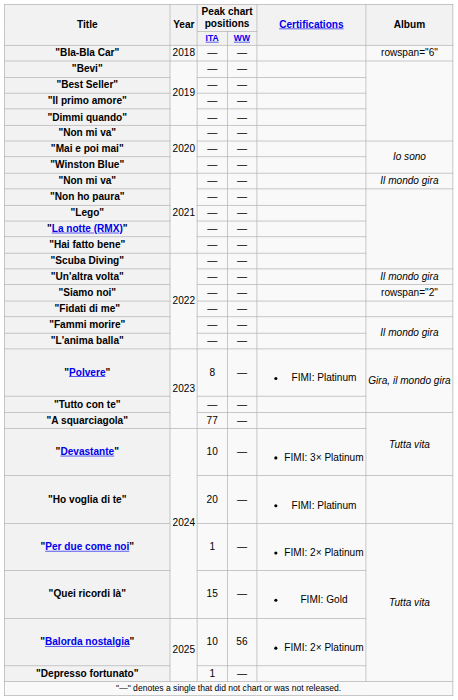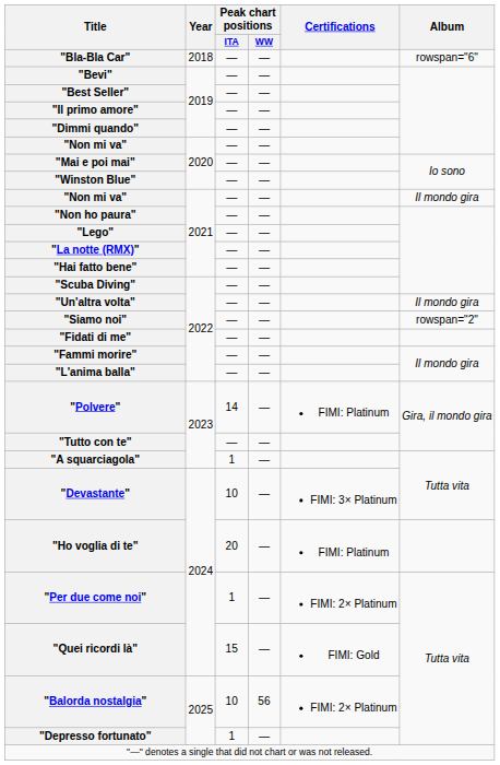 <table class="wikitable plainrowheaders" style="text-align:center;">
 <tr>
 <th scope="col" rowspan="2" style="width:16em;">Title</th>
 <th scope="col" rowspan="2" style="width:1em;">Year</th>
 <th scope="col" colspan="2">Peak chart positions</th>
 <th scope="col" rowspan="2"><a href='#'>Certifications</a></th>
 <th scope="col" rowspan="2">Album</th>
 </tr>
 <tr>
 <th scope="col" style="width:3em;font-size:85%;"><a href='#'>ITA</a><br></th>
 <th scope="col" style="width:3em;font-size:85%;"><a href='#'>WW</a><br></th>
 </tr>
 <tr>
 <th scope="row">"Bla-Bla Car"</th>
 <td>2018</td>
 <td>—</td>
 <td>—</td>
 <td></td>
 <td>rowspan="6" </td>
 </tr>
 <tr>
 <th scope="row">"Bevi"</th>
 <td rowspan="4">2019</td>
 <td>—</td>
 <td>—</td>
 <td></td>
 </tr>
 <tr>
 <th scope="row">"Best Seller"<br></th>
 <td>—</td>
 <td>—</td>
 <td></td>
 </tr>
 <tr>
 <th scope="row">"Il primo amore"</th>
 <td>—</td>
 <td>—</td>
 <td></td>
 </tr>
 <tr>
 <th scope="row">"Dimmi quando"</th>
 <td>—</td>
 <td>—</td>
 <td></td>
 </tr>
 <tr>
 <th scope="row">"Non mi va"</th>
 <td rowspan="3">2020</td>
 <td>—</td>
 <td>—</td>
 <td></td>
 </tr>
 <tr>
 <th scope="row">"Mai e poi mai"</th>
 <td>—</td>
 <td>—</td>
 <td></td>
 <td rowspan="2"><em>Io sono</em></td>
 </tr>
 <tr>
 <th scope="row">"Winston Blue"</th>
 <td>—</td>
 <td>—</td>
 <td></td>
 </tr>
 <tr>
 <th scope="row">"Non mi va"</th>
 <td rowspan="5">2021</td>
 <td>—</td>
 <td>—</td>
 <td></td>
 <td><em>Il mondo gira</em></td>
 </tr>
 <tr>
 <th scope="row">"Non ho paura"<br></th>
 <td>—</td>
 <td>—</td>
 <td></td>
 </tr>
 <tr>
 <th scope="row">"Lego"</th>
 <td>—</td>
 <td>—</td>
 <td></td>
 </tr>
 <tr>
 <th scope="row">"<a href='#'>La notte (RMX)</a>"<br></th>
 <td>—</td>
 <td>—</td>
 <td></td>
 </tr>
 <tr>
 <th scope="row">"Hai fatto bene"</th>
 <td>—</td>
 <td>—</td>
 <td></td>
 </tr>
 <tr>
 <th scope="row">"Scuba Diving"</th>
 <td rowspan="6">2022</td>
 <td>—</td>
 <td>—</td>
 <td></td>
 </tr>
 <tr>
 <th scope="row">"Un'altra volta"</th>
 <td>—</td>
 <td>—</td>
 <td></td>
 <td><em>Il mondo gira</em></td>
 </tr>
 <tr>
 <th scope="row">"Siamo noi"<br></th>
 <td>—</td>
 <td>—</td>
 <td></td>
 <td>rowspan="2" </td>
 </tr>
 <tr>
 <th scope="row">"Fidati di me"</th>
 <td>—</td>
 <td>—</td>
 <td></td>
 </tr>
 <tr>
 <th scope="row">"Fammi morire"</th>
 <td>—</td>
 <td>—</td>
 <td></td>
 <td rowspan="2"><em>Il mondo gira</em></td>
 </tr>
 <tr>
 <th scope="row">"L'anima balla"</th>
 <td>—</td>
 <td>—</td>
 <td></td>
 </tr>
 <tr>
 <th scope="row">"<a href='#'>Polvere</a>"</th>
 <td rowspan="3">2023</td>
-<td>8<br></td>
+<td>14</td>
 <td>—</td>
 <td><br><ul><li>FIMI: Platinum</li></ul></td>
 <td rowspan="2"><em>Gira, il mondo gira</em></td>
 </tr>
 <tr>
 <th scope="row">"Tutto con te"</th>
 <td>—</td>
 <td>—</td>
 <td></td>
 </tr>
 <tr>
 <th scope="row">"A squarciagola"</th>
-<td>77</td>
+<td>1</td>
 <td>—</td>
 <td></td>
 <td rowspan="2"><em>Tutta vita</em></td>
 </tr>
 <tr>
 <th scope="row">"<a href='#'>Devastante</a>"<br></th>
 <td rowspan="4">2024</td>
 <td>10</td>
 <td>—</td>
 <td><br><ul><li>FIMI: 3× Platinum</li></ul></td>
 </tr>
 <tr>
 <th scope="row">"Ho voglia di te"<br></th>
 <td>20</td>
 <td>—</td>
 <td><br><ul><li>FIMI: Platinum</li></ul></td>
 <td></td>
 </tr>
 <tr>
 <th scope="row">"<a href='#'>Per due come noi</a>"<br></th>
 <td>1</td>
 <td>—</td>
 <td><br><ul><li>FIMI: 2× Platinum</li></ul></td>
 <td rowspan="4"><em>Tutta vita</em></td>
 </tr>
 <tr>
 <th scope="row">"Quei ricordi là"</th>
 <td>15</td>
 <td>—</td>
 <td><br><ul><li>FIMI: Gold</li></ul></td>
 </tr>
 <tr>
 <th scope="row">"<a href='#'>Balorda nostalgia</a>"</th>
 <td rowspan="2">2025</td>
 <td>10</td>
 <td>56</td>
 <td><br><ul><li>FIMI: 2× Platinum</li></ul></td>
 </tr>
 <tr>
 <th scope="row">"Depresso fortunato"</th>
 <td>1</td>
 <td>—</td>
 <td></td>
 </tr>
 <tr>
 <td colspan="6" style="font-size:85%;">"—" denotes a single that did not chart or was not released.</td>
 </tr>
 </table>
